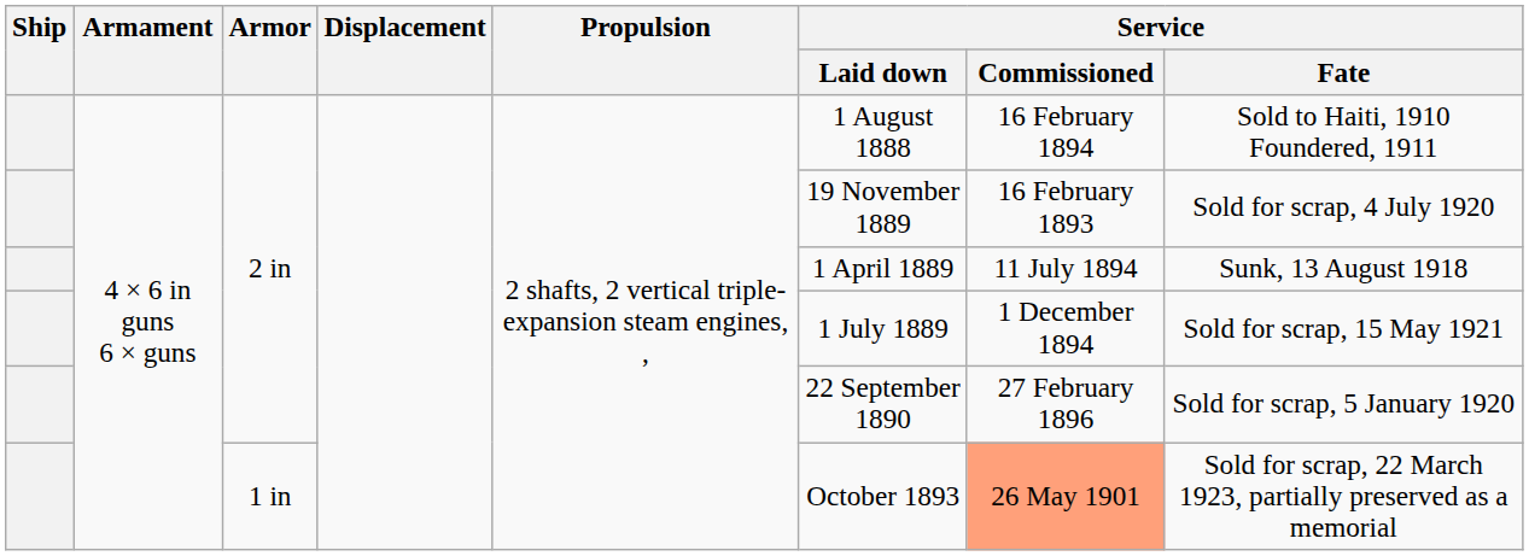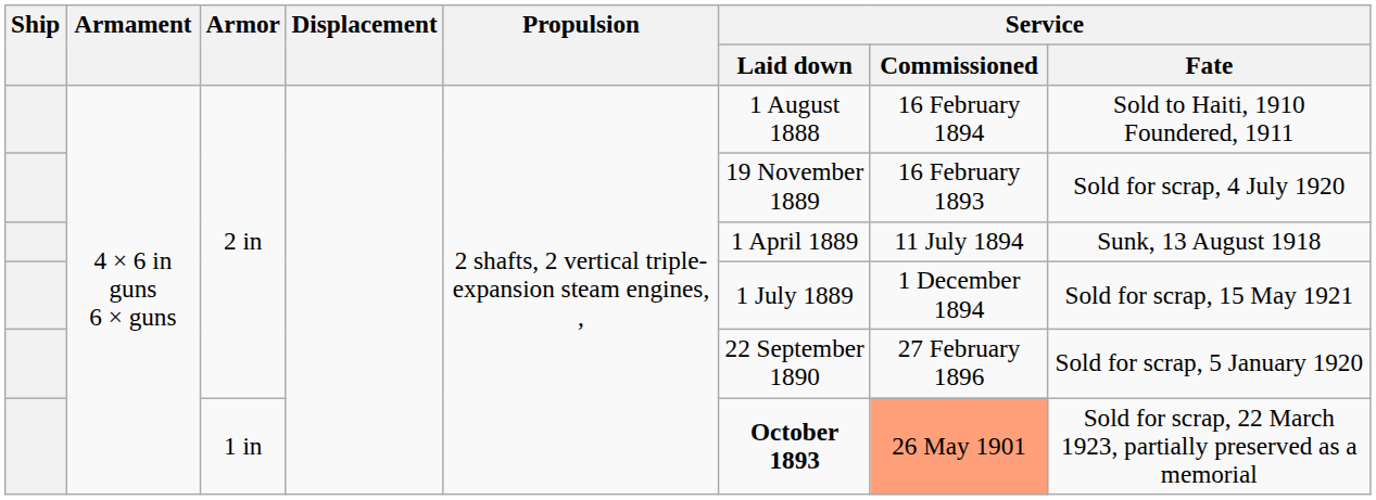 <table class="wikitable plainrowheaders" style="text-align: center;">
 <tr valign="top">
 <th scope="col" rowspan="2">Ship</th>
 <th scope="col" rowspan="2">Armament</th>
 <th scope="col" rowspan="2">Armor</th>
 <th scope="col" rowspan="2">Displacement</th>
 <th scope="col" rowspan="2">Propulsion</th>
 <th scope="col" colspan="3">Service</th>
 </tr>
 <tr valign="top">
 <th scope="col">Laid down</th>
 <th scope="col">Commissioned</th>
 <th scope="col">Fate</th>
 </tr>
 <tr valign="center">
 <th scope="row"></th>
 <td rowspan="6">4 × 6 in guns<br>6 ×  guns</td>
 <td rowspan="5">2 in</td>
 <td rowspan="6"></td>
 <td rowspan="6">2 shafts, 2 vertical triple-expansion steam engines, , </td>
 <td>1 August 1888</td>
 <td>16 February 1894</td>
 <td>Sold to Haiti, 1910<br>Foundered, 1911</td>
 </tr>
 <tr valign="center">
 <th scope="row"></th>
 <td>19 November 1889</td>
 <td>16 February 1893</td>
 <td>Sold for scrap, 4 July 1920</td>
 </tr>
 <tr valign="center">
 <th scope="row"></th>
 <td>1 April 1889</td>
 <td>11 July 1894</td>
 <td>Sunk, 13 August 1918</td>
 </tr>
 <tr valign="center">
 <th scope="row"></th>
 <td>1 July 1889</td>
 <td>1 December 1894</td>
 <td>Sold for scrap, 15 May 1921</td>
 </tr>
 <tr valign="center">
 <th scope="row"></th>
 <td>22 September 1890</td>
 <td>27 February 1896</td>
 <td>Sold for scrap, 5 January 1920</td>
 </tr>
 <tr valign="center">
 <th scope="row"></th>
 <td>1 in</td>
-<td>October 1893</td>
+<td><strong>October 1893</strong></td>
 <td style="background: lightsalmon;">26 May 1901</td>
 <td>Sold for scrap, 22 March 1923, partially preserved as a memorial</td>
 </tr>
 </table>
